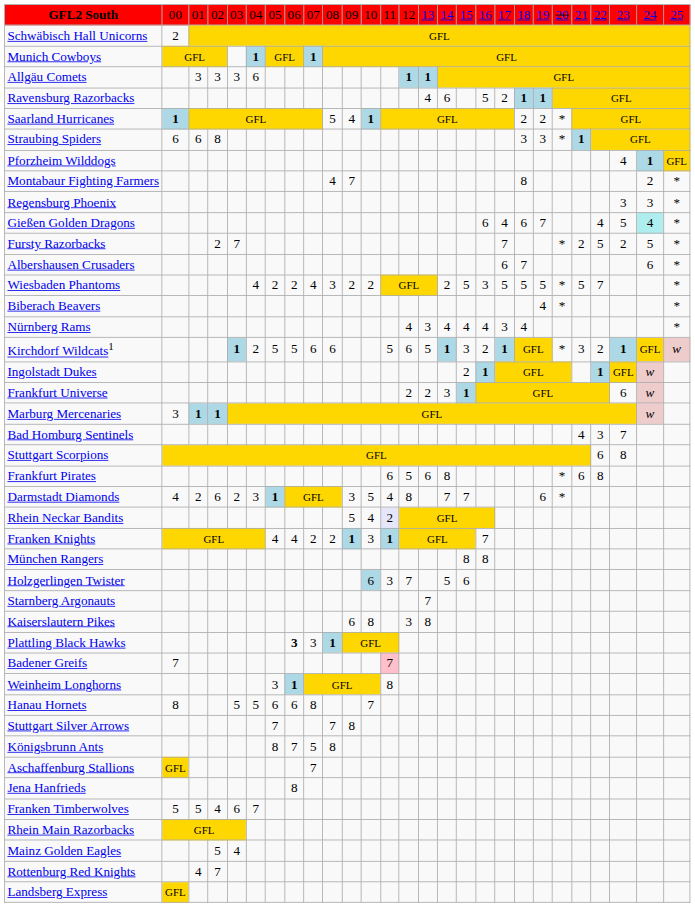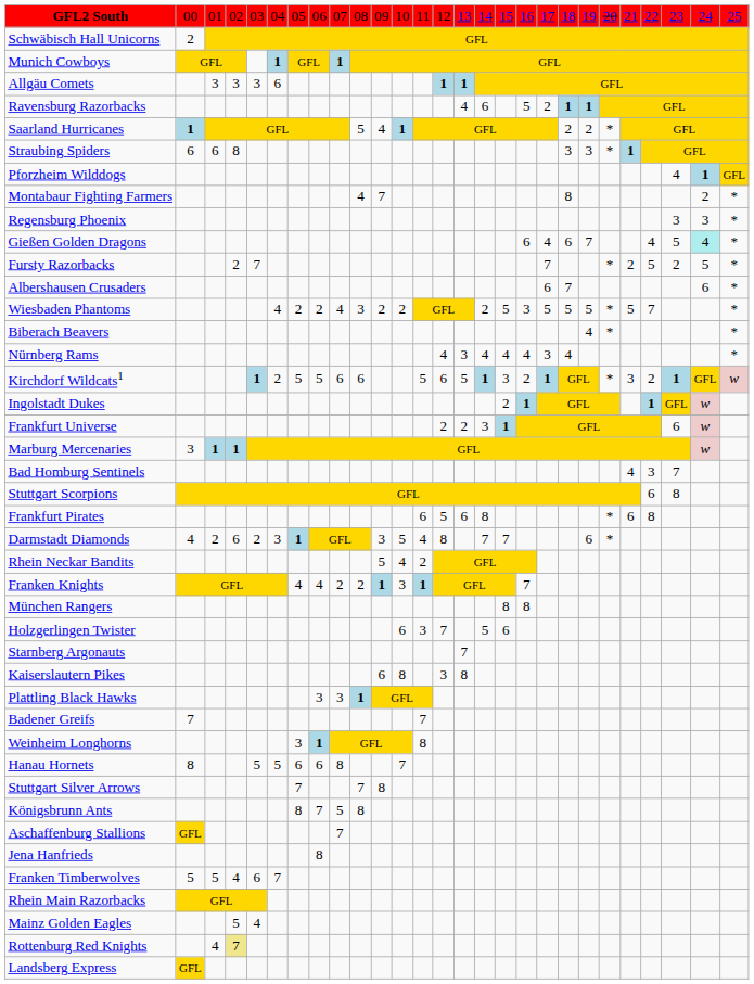 <table class="wikitable sticky-header" style="text-align:center">
 <tr style="background:red">
 <td><strong>GFL2 South</strong></td>
 <td>00</td>
 <td>01</td>
 <td>02</td>
 <td>03</td>
 <td>04</td>
 <td>05</td>
 <td>06</td>
 <td>07</td>
 <td>08</td>
 <td>09</td>
 <td>10</td>
 <td>11</td>
 <td>12</td>
 <td><a href='#'>13</a></td>
 <td><a href='#'>14</a></td>
 <td><a href='#'>15</a></td>
 <td><a href='#'>16</a></td>
 <td><a href='#'>17</a></td>
 <td><a href='#'>18</a></td>
 <td><a href='#'>19</a></td>
 <td><del><a href='#'>20</a></del></td>
 <td><a href='#'>21</a></td>
 <td><a href='#'>22</a></td>
 <td><a href='#'>23</a></td>
 <td><a href='#'>24</a></td>
 <td><a href='#'>25</a></td>
 </tr>
 <tr>
 <td style="text-align:left"><a href='#'>Schwäbisch Hall Unicorns</a></td>
 <td>2</td>
 <td colspan="25" style="background:gold"><small>GFL</small></td>
 </tr>
 <tr>
 <td style="text-align:left"><a href='#'>Munich Cowboys</a></td>
 <td colspan="3" style="background:gold"><small>GFL</small></td>
 <td></td>
 <td style="background:lightblue"><strong>1</strong></td>
 <td colspan="2" style="background:gold"><small>GFL</small></td>
 <td style="background:lightblue"><strong>1</strong></td>
 <td colspan="18" style="background:gold"><small>GFL</small></td>
 </tr>
 <tr>
 <td style="text-align:left"><a href='#'>Allgäu Comets</a></td>
 <td></td>
 <td>3</td>
 <td>3</td>
 <td>3</td>
 <td>6</td>
 <td></td>
 <td></td>
 <td></td>
 <td></td>
 <td></td>
 <td></td>
 <td></td>
 <td style="background:lightblue"><strong>1</strong></td>
 <td style="background:lightblue"><strong>1</strong></td>
 <td colspan="12" style="background:gold"><small>GFL</small></td>
 </tr>
 <tr>
 <td style="text-align:left"><a href='#'>Ravensburg Razorbacks</a></td>
 <td></td>
 <td></td>
 <td></td>
 <td></td>
 <td></td>
 <td></td>
 <td></td>
 <td></td>
 <td></td>
 <td></td>
 <td></td>
 <td></td>
 <td></td>
 <td>4</td>
 <td>6</td>
 <td></td>
 <td>5</td>
 <td>2</td>
 <td style="background:lightblue"><strong>1</strong></td>
 <td style="background:lightblue"><strong>1</strong></td>
 <td colspan="6" style="background:gold"><small>GFL</small></td>
 </tr>
 <tr>
 <td style="text-align:left"><a href='#'>Saarland Hurricanes</a></td>
 <td style="background:lightblue"><strong>1</strong></td>
 <td colspan="7" style="background:gold"><small>GFL</small></td>
 <td>5</td>
 <td>4</td>
 <td style="background:lightblue"><strong>1</strong></td>
 <td colspan="7" style="background:gold"><small>GFL</small></td>
 <td>2</td>
 <td>2</td>
 <td>*</td>
 <td colspan="5" style="background:gold"><small>GFL</small></td>
 </tr>
 <tr>
 <td style="text-align:left"><a href='#'>Straubing Spiders</a></td>
 <td>6</td>
 <td>6</td>
 <td>8</td>
 <td></td>
 <td></td>
 <td></td>
 <td></td>
 <td></td>
 <td></td>
 <td></td>
 <td></td>
 <td></td>
 <td></td>
 <td></td>
 <td></td>
 <td></td>
 <td></td>
 <td></td>
 <td>3</td>
 <td>3</td>
 <td>*</td>
 <td style="background:lightblue"><strong>1</strong></td>
 <td colspan="4" style="background:gold"><small>GFL</small></td>
 </tr>
 <tr>
 <td style="text-align:left"><a href='#'>Pforzheim Wilddogs</a></td>
 <td></td>
 <td></td>
 <td></td>
 <td></td>
 <td></td>
 <td></td>
 <td></td>
 <td></td>
 <td></td>
 <td></td>
 <td></td>
 <td></td>
 <td></td>
 <td></td>
 <td></td>
 <td></td>
 <td></td>
 <td></td>
 <td></td>
 <td></td>
 <td></td>
 <td></td>
 <td></td>
 <td>4</td>
 <td style="background:lightblue"><strong>1</strong></td>
 <td style="background:gold"><small>GFL</small></td>
 </tr>
 <tr>
 <td style="text-align:left"><a href='#'>Montabaur Fighting Farmers</a></td>
 <td></td>
 <td></td>
 <td></td>
 <td></td>
 <td></td>
 <td></td>
 <td></td>
 <td></td>
 <td>4</td>
 <td>7</td>
 <td></td>
 <td></td>
 <td></td>
 <td></td>
 <td></td>
 <td></td>
 <td></td>
 <td></td>
 <td>8</td>
 <td></td>
 <td></td>
 <td></td>
 <td></td>
 <td></td>
 <td>2</td>
 <td>*</td>
 </tr>
 <tr>
 <td style="text-align:left"><a href='#'>Regensburg Phoenix</a></td>
 <td></td>
 <td></td>
 <td></td>
 <td></td>
 <td></td>
 <td></td>
 <td></td>
 <td></td>
 <td></td>
 <td></td>
 <td></td>
 <td></td>
 <td></td>
 <td></td>
 <td></td>
 <td></td>
 <td></td>
 <td></td>
 <td></td>
 <td></td>
 <td></td>
 <td></td>
 <td></td>
 <td>3</td>
 <td>3</td>
 <td>*</td>
 </tr>
 <tr>
 <td style="text-align:left"><a href='#'>Gießen Golden Dragons</a></td>
 <td></td>
 <td></td>
 <td></td>
 <td></td>
 <td></td>
 <td></td>
 <td></td>
 <td></td>
 <td></td>
 <td></td>
 <td></td>
 <td></td>
 <td></td>
 <td></td>
 <td></td>
 <td></td>
 <td>6</td>
 <td>4</td>
 <td>6</td>
 <td>7</td>
 <td></td>
 <td></td>
 <td>4</td>
 <td>5</td>
 <td style="background: paleturquoise;">4</td>
 <td>*</td>
 </tr>
 <tr>
 <td style="text-align:left"><a href='#'>Fursty Razorbacks</a></td>
 <td></td>
 <td></td>
 <td>2</td>
 <td>7</td>
 <td></td>
 <td></td>
 <td></td>
 <td></td>
 <td></td>
 <td></td>
 <td></td>
 <td></td>
 <td></td>
 <td></td>
 <td></td>
 <td></td>
 <td></td>
 <td>7</td>
 <td></td>
 <td></td>
 <td>*</td>
 <td>2</td>
 <td>5</td>
 <td>2</td>
 <td>5</td>
 <td>*</td>
 </tr>
 <tr>
 <td style="text-align:left"><a href='#'>Albershausen Crusaders</a></td>
 <td></td>
 <td></td>
 <td></td>
 <td></td>
 <td></td>
 <td></td>
 <td></td>
 <td></td>
 <td></td>
 <td></td>
 <td></td>
 <td></td>
 <td></td>
 <td></td>
 <td></td>
 <td></td>
 <td></td>
 <td>6</td>
 <td>7</td>
 <td></td>
 <td></td>
 <td></td>
 <td></td>
 <td></td>
 <td>6</td>
 <td>*</td>
 </tr>
 <tr>
 <td style="text-align:left"><a href='#'>Wiesbaden Phantoms</a></td>
 <td></td>
 <td></td>
 <td></td>
 <td></td>
 <td>4</td>
 <td>2</td>
 <td>2</td>
 <td>4</td>
 <td>3</td>
 <td>2</td>
 <td>2</td>
 <td colspan="3" style="background:gold"><small>GFL</small></td>
 <td>2</td>
 <td>5</td>
 <td>3</td>
 <td>5</td>
 <td>5</td>
 <td>5</td>
 <td>*</td>
 <td>5</td>
 <td>7</td>
 <td></td>
 <td></td>
 <td>*</td>
 </tr>
 <tr>
 <td style="text-align:left"><a href='#'>Biberach Beavers</a></td>
 <td></td>
 <td></td>
 <td></td>
 <td></td>
 <td></td>
 <td></td>
 <td></td>
 <td></td>
 <td></td>
 <td></td>
 <td></td>
 <td></td>
 <td></td>
 <td></td>
 <td></td>
 <td></td>
 <td></td>
 <td></td>
 <td></td>
 <td>4</td>
 <td>*</td>
 <td></td>
 <td></td>
 <td></td>
 <td></td>
 <td>*</td>
 </tr>
 <tr>
 <td style="text-align:left"><a href='#'>Nürnberg Rams</a></td>
 <td></td>
 <td></td>
 <td></td>
 <td></td>
 <td></td>
 <td></td>
 <td></td>
 <td></td>
 <td></td>
 <td></td>
 <td></td>
 <td></td>
 <td>4</td>
 <td>3</td>
 <td>4</td>
 <td>4</td>
 <td>4</td>
 <td>3</td>
 <td>4</td>
 <td></td>
 <td></td>
 <td></td>
 <td></td>
 <td></td>
 <td></td>
 <td>*</td>
 </tr>
 <tr>
 <td style="text-align:left"><a href='#'>Kirchdorf Wildcats</a><sup>1</sup></td>
 <td></td>
 <td></td>
 <td></td>
 <td style="background:lightblue"><strong>1</strong></td>
 <td>2</td>
 <td>5</td>
 <td>5</td>
 <td>6</td>
 <td>6</td>
 <td></td>
 <td></td>
 <td>5</td>
 <td>6</td>
 <td>5</td>
 <td style="background:lightblue"><strong>1</strong></td>
 <td>3</td>
 <td>2</td>
 <td style="background:lightblue"><strong>1</strong></td>
 <td colspan="2" style="background:gold"><small>GFL</small></td>
 <td>*</td>
 <td>3</td>
 <td>2</td>
 <td style="background:lightblue"><strong>1</strong></td>
 <td style="background:gold"><small>GFL</small></td>
 <td class="explain" style="background:#EECCCC" title="withdrew"><em>w</em></td>
 </tr>
 <tr>
 <td style="text-align:left"><a href='#'>Ingolstadt Dukes</a></td>
 <td></td>
 <td></td>
 <td></td>
 <td></td>
 <td></td>
 <td></td>
 <td></td>
 <td></td>
 <td></td>
 <td></td>
 <td></td>
 <td></td>
 <td></td>
 <td></td>
 <td></td>
 <td>2</td>
 <td style="background:lightblue"><strong>1</strong></td>
 <td colspan="4" style="background:gold"><small>GFL</small></td>
 <td></td>
 <td style="background:lightblue"><strong>1</strong></td>
 <td style="background:gold"><small>GFL</small></td>
 <td class="explain" style="background:#EECCCC" title="withdrew"><em>w</em></td>
 <td></td>
 </tr>
 <tr>
 <td style="text-align:left"><a href='#'>Frankfurt Universe</a></td>
 <td></td>
 <td></td>
 <td></td>
 <td></td>
 <td></td>
 <td></td>
 <td></td>
 <td></td>
 <td></td>
 <td></td>
 <td></td>
 <td></td>
 <td>2</td>
 <td>2</td>
 <td>3</td>
 <td style="background:lightblue"><strong>1</strong></td>
 <td colspan="7" style="background:gold"><small>GFL</small></td>
 <td>6</td>
 <td class="explain" style="background:#EECCCC" title="withdrew"><em>w</em></td>
 <td></td>
 </tr>
 <tr>
 <td style="text-align:left"><a href='#'>Marburg Mercenaries</a></td>
 <td>3</td>
 <td style="background:lightblue"><strong>1</strong></td>
 <td style="background:lightblue"><strong>1</strong></td>
 <td colspan="21" style="background:gold"><small>GFL</small></td>
 <td class="explain" style="background:#EECCCC" title="withdrew"><em>w</em></td>
 <td></td>
 </tr>
 <tr>
 <td style="text-align:left"><a href='#'>Bad Homburg Sentinels</a></td>
 <td></td>
 <td></td>
 <td></td>
 <td></td>
 <td></td>
 <td></td>
 <td></td>
 <td></td>
 <td></td>
 <td></td>
 <td></td>
 <td></td>
 <td></td>
 <td></td>
 <td></td>
 <td></td>
 <td></td>
 <td></td>
 <td></td>
 <td></td>
 <td></td>
 <td>4</td>
 <td>3</td>
 <td>7</td>
 <td></td>
 <td></td>
 </tr>
 <tr>
 <td style="text-align:left"><a href='#'>Stuttgart Scorpions</a></td>
 <td colspan="22" style="background:gold"><small>GFL</small></td>
 <td>6</td>
 <td>8</td>
 <td></td>
 <td></td>
 </tr>
 <tr>
 <td style="text-align:left"><a href='#'>Frankfurt Pirates</a></td>
 <td></td>
 <td></td>
 <td></td>
 <td></td>
 <td></td>
 <td></td>
 <td></td>
 <td></td>
 <td></td>
 <td></td>
 <td></td>
 <td>6</td>
 <td>5</td>
 <td>6</td>
 <td>8</td>
 <td></td>
 <td></td>
 <td></td>
 <td></td>
 <td></td>
 <td>*</td>
 <td>6</td>
 <td>8</td>
 <td></td>
 <td></td>
 <td></td>
 </tr>
 <tr>
 <td style="text-align:left"><a href='#'>Darmstadt Diamonds</a></td>
 <td>4</td>
 <td>2</td>
 <td>6</td>
 <td>2</td>
 <td>3</td>
 <td style="background:lightblue"><strong>1</strong></td>
 <td colspan="3" style="background:gold"><small>GFL</small></td>
 <td>3</td>
 <td>5</td>
 <td>4</td>
 <td>8</td>
 <td></td>
 <td>7</td>
 <td>7</td>
 <td></td>
 <td></td>
 <td></td>
 <td>6</td>
 <td>*</td>
 <td></td>
 <td></td>
 <td></td>
 <td></td>
 <td></td>
 </tr>
 <tr>
 <td style="text-align:left"><a href='#'>Rhein Neckar Bandits</a></td>
 <td></td>
 <td></td>
 <td></td>
 <td></td>
 <td></td>
 <td></td>
 <td></td>
 <td></td>
 <td></td>
 <td>5</td>
 <td>4</td>
-<td style="background: lavender;">2</td>
+<td>2</td>
 <td colspan="5" style="background:gold"><small>GFL</small></td>
 <td></td>
 <td></td>
 <td></td>
 <td></td>
 <td></td>
 <td></td>
 <td></td>
 <td></td>
 <td></td>
 </tr>
 <tr>
 <td style="text-align:left"><a href='#'>Franken Knights</a></td>
 <td colspan="5" style="background:gold"><small>GFL</small></td>
 <td>4</td>
 <td>4</td>
 <td>2</td>
 <td>2</td>
 <td style="background:lightblue"><strong>1</strong></td>
 <td>3</td>
 <td style="background:lightblue"><strong>1</strong></td>
 <td colspan="4" style="background:gold"><small>GFL</small></td>
 <td>7</td>
 <td></td>
 <td></td>
 <td></td>
 <td></td>
 <td></td>
 <td></td>
 <td></td>
 <td></td>
 <td></td>
 </tr>
 <tr>
 <td style="text-align:left"><a href='#'>München Rangers</a></td>
 <td></td>
 <td></td>
 <td></td>
 <td></td>
 <td></td>
 <td></td>
 <td></td>
 <td></td>
 <td></td>
 <td></td>
 <td></td>
 <td></td>
 <td></td>
 <td></td>
 <td></td>
 <td>8</td>
 <td>8</td>
 <td></td>
 <td></td>
 <td></td>
 <td></td>
 <td></td>
 <td></td>
 <td></td>
 <td></td>
 <td></td>
 </tr>
 <tr>
 <td style="text-align:left"><a href='#'>Holzgerlingen Twister</a></td>
 <td></td>
 <td></td>
 <td></td>
 <td></td>
 <td></td>
 <td></td>
 <td></td>
 <td></td>
 <td></td>
 <td></td>
-<td style="background: lightblue;">6</td>
+<td>6</td>
 <td>3</td>
 <td>7</td>
 <td></td>
 <td>5</td>
 <td>6</td>
 <td></td>
 <td></td>
 <td></td>
 <td></td>
 <td></td>
 <td></td>
 <td></td>
 <td></td>
 <td></td>
 <td></td>
 </tr>
 <tr>
 <td style="text-align:left"><a href='#'>Starnberg Argonauts</a></td>
 <td></td>
 <td></td>
 <td></td>
 <td></td>
 <td></td>
 <td></td>
 <td></td>
 <td></td>
 <td></td>
 <td></td>
 <td></td>
 <td></td>
 <td></td>
 <td>7</td>
 <td></td>
 <td></td>
 <td></td>
 <td></td>
 <td></td>
 <td></td>
 <td></td>
 <td></td>
 <td></td>
 <td></td>
 <td></td>
 <td></td>
 </tr>
 <tr>
 <td style="text-align:left"><a href='#'>Kaiserslautern Pikes</a></td>
 <td></td>
 <td></td>
 <td></td>
 <td></td>
 <td></td>
 <td></td>
 <td></td>
 <td></td>
 <td></td>
 <td>6</td>
 <td>8</td>
 <td></td>
 <td>3</td>
 <td>8</td>
 <td></td>
 <td></td>
 <td></td>
 <td></td>
 <td></td>
 <td></td>
 <td></td>
 <td></td>
 <td></td>
 <td></td>
 <td></td>
 <td></td>
 </tr>
 <tr>
 <td style="text-align:left"><a href='#'>Plattling Black Hawks</a></td>
 <td></td>
 <td></td>
 <td></td>
 <td></td>
 <td></td>
 <td></td>
-<td><strong>3</strong></td>
+<td>3</td>
 <td>3</td>
 <td style="background:lightblue"><strong>1</strong></td>
 <td colspan="3" style="background:gold"><small>GFL</small></td>
 <td></td>
 <td></td>
 <td></td>
 <td></td>
 <td></td>
 <td></td>
 <td></td>
 <td></td>
 <td></td>
 <td></td>
 <td></td>
 <td></td>
 <td></td>
 <td></td>
 </tr>
 <tr>
 <td style="text-align:left"><a href='#'>Badener Greifs</a></td>
 <td>7</td>
 <td></td>
 <td></td>
 <td></td>
 <td></td>
 <td></td>
 <td></td>
 <td></td>
 <td></td>
 <td></td>
 <td></td>
-<td style="background: pink;">7</td>
+<td>7</td>
 <td></td>
 <td></td>
 <td></td>
 <td></td>
 <td></td>
 <td></td>
 <td></td>
 <td></td>
 <td></td>
 <td></td>
 <td></td>
 <td></td>
 <td></td>
 <td></td>
 </tr>
 <tr>
 <td style="text-align:left"><a href='#'>Weinheim Longhorns</a></td>
 <td></td>
 <td></td>
 <td></td>
 <td></td>
 <td></td>
 <td>3</td>
 <td style="background:lightblue"><strong>1</strong></td>
 <td colspan="4" style="background:gold"><small>GFL</small></td>
 <td>8</td>
 <td></td>
 <td></td>
 <td></td>
 <td></td>
 <td></td>
 <td></td>
 <td></td>
 <td></td>
 <td></td>
 <td></td>
 <td></td>
 <td></td>
 <td></td>
 <td></td>
 </tr>
 <tr>
 <td style="text-align:left"><a href='#'>Hanau Hornets</a></td>
 <td>8</td>
 <td></td>
 <td></td>
 <td>5</td>
 <td>5</td>
 <td>6</td>
 <td>6</td>
 <td>8</td>
 <td></td>
 <td></td>
 <td>7</td>
 <td></td>
 <td></td>
 <td></td>
 <td></td>
 <td></td>
 <td></td>
 <td></td>
 <td></td>
 <td></td>
 <td></td>
 <td></td>
 <td></td>
 <td></td>
 <td></td>
 <td></td>
 </tr>
 <tr>
 <td style="text-align:left"><a href='#'>Stuttgart Silver Arrows</a></td>
 <td></td>
 <td></td>
 <td></td>
 <td></td>
 <td></td>
 <td>7</td>
 <td></td>
 <td></td>
 <td>7</td>
 <td>8</td>
 <td></td>
 <td></td>
 <td></td>
 <td></td>
 <td></td>
 <td></td>
 <td></td>
 <td></td>
 <td></td>
 <td></td>
 <td></td>
 <td></td>
 <td></td>
 <td></td>
 <td></td>
 <td></td>
 </tr>
 <tr>
 <td style="text-align:left"><a href='#'>Königsbrunn Ants</a></td>
 <td></td>
 <td></td>
 <td></td>
 <td></td>
 <td></td>
 <td>8</td>
 <td>7</td>
 <td>5</td>
 <td>8</td>
 <td></td>
 <td></td>
 <td></td>
 <td></td>
 <td></td>
 <td></td>
 <td></td>
 <td></td>
 <td></td>
 <td></td>
 <td></td>
 <td></td>
 <td></td>
 <td></td>
 <td></td>
 <td></td>
 <td></td>
 </tr>
 <tr>
 <td style="text-align:left"><a href='#'>Aschaffenburg Stallions</a></td>
 <td style="background:gold"><small>GFL</small></td>
 <td></td>
 <td></td>
 <td></td>
 <td></td>
 <td></td>
 <td></td>
 <td>7</td>
 <td></td>
 <td></td>
 <td></td>
 <td></td>
 <td></td>
 <td></td>
 <td></td>
 <td></td>
 <td></td>
 <td></td>
 <td></td>
 <td></td>
 <td></td>
 <td></td>
 <td></td>
 <td></td>
 <td></td>
 <td></td>
 </tr>
 <tr>
 <td style="text-align:left"><a href='#'>Jena Hanfrieds</a></td>
 <td></td>
 <td></td>
 <td></td>
 <td></td>
 <td></td>
 <td></td>
 <td>8</td>
 <td></td>
 <td></td>
 <td></td>
 <td></td>
 <td></td>
 <td></td>
 <td></td>
 <td></td>
 <td></td>
 <td></td>
 <td></td>
 <td></td>
 <td></td>
 <td></td>
 <td></td>
 <td></td>
 <td></td>
 <td></td>
 <td></td>
 </tr>
 <tr>
 <td style="text-align:left"><a href='#'>Franken Timberwolves</a></td>
 <td>5</td>
 <td>5</td>
 <td>4</td>
 <td>6</td>
 <td>7</td>
 <td></td>
 <td></td>
 <td></td>
 <td></td>
 <td></td>
 <td></td>
 <td></td>
 <td></td>
 <td></td>
 <td></td>
 <td></td>
 <td></td>
 <td></td>
 <td></td>
 <td></td>
 <td></td>
 <td></td>
 <td></td>
 <td></td>
 <td></td>
 <td></td>
 </tr>
 <tr>
 <td style="text-align:left"><a href='#'>Rhein Main Razorbacks</a></td>
 <td colspan="4" style="background:gold"><small>GFL</small></td>
 <td></td>
 <td></td>
 <td></td>
 <td></td>
 <td></td>
 <td></td>
 <td></td>
 <td></td>
 <td></td>
 <td></td>
 <td></td>
 <td></td>
 <td></td>
 <td></td>
 <td></td>
 <td></td>
 <td></td>
 <td></td>
 <td></td>
 <td></td>
 <td></td>
 <td></td>
 </tr>
 <tr>
 <td style="text-align:left"><a href='#'>Mainz Golden Eagles</a></td>
 <td></td>
 <td></td>
 <td>5</td>
 <td>4</td>
 <td></td>
 <td></td>
 <td></td>
 <td></td>
 <td></td>
 <td></td>
 <td></td>
 <td></td>
 <td></td>
 <td></td>
 <td></td>
 <td></td>
 <td></td>
 <td></td>
 <td></td>
 <td></td>
 <td></td>
 <td></td>
 <td></td>
 <td></td>
 <td></td>
 <td></td>
 </tr>
 <tr>
 <td style="text-align:left"><a href='#'>Rottenburg Red Knights</a></td>
 <td></td>
 <td>4</td>
-<td>7</td>
+<td style="background: khaki;">7</td>
 <td></td>
 <td></td>
 <td></td>
 <td></td>
 <td></td>
 <td></td>
 <td></td>
 <td></td>
 <td></td>
 <td></td>
 <td></td>
 <td></td>
 <td></td>
 <td></td>
 <td></td>
 <td></td>
 <td></td>
 <td></td>
 <td></td>
 <td></td>
 <td></td>
 <td></td>
 <td></td>
 </tr>
 <tr>
 <td style="text-align:left"><a href='#'>Landsberg Express</a></td>
 <td style="background:gold"><small>GFL</small></td>
 <td></td>
 <td></td>
 <td></td>
 <td></td>
 <td></td>
 <td></td>
 <td></td>
 <td></td>
 <td></td>
 <td></td>
 <td></td>
 <td></td>
 <td></td>
 <td></td>
 <td></td>
 <td></td>
 <td></td>
 <td></td>
 <td></td>
 <td></td>
 <td></td>
 <td></td>
 <td></td>
 <td></td>
 <td></td>
 </tr>
 </table>
